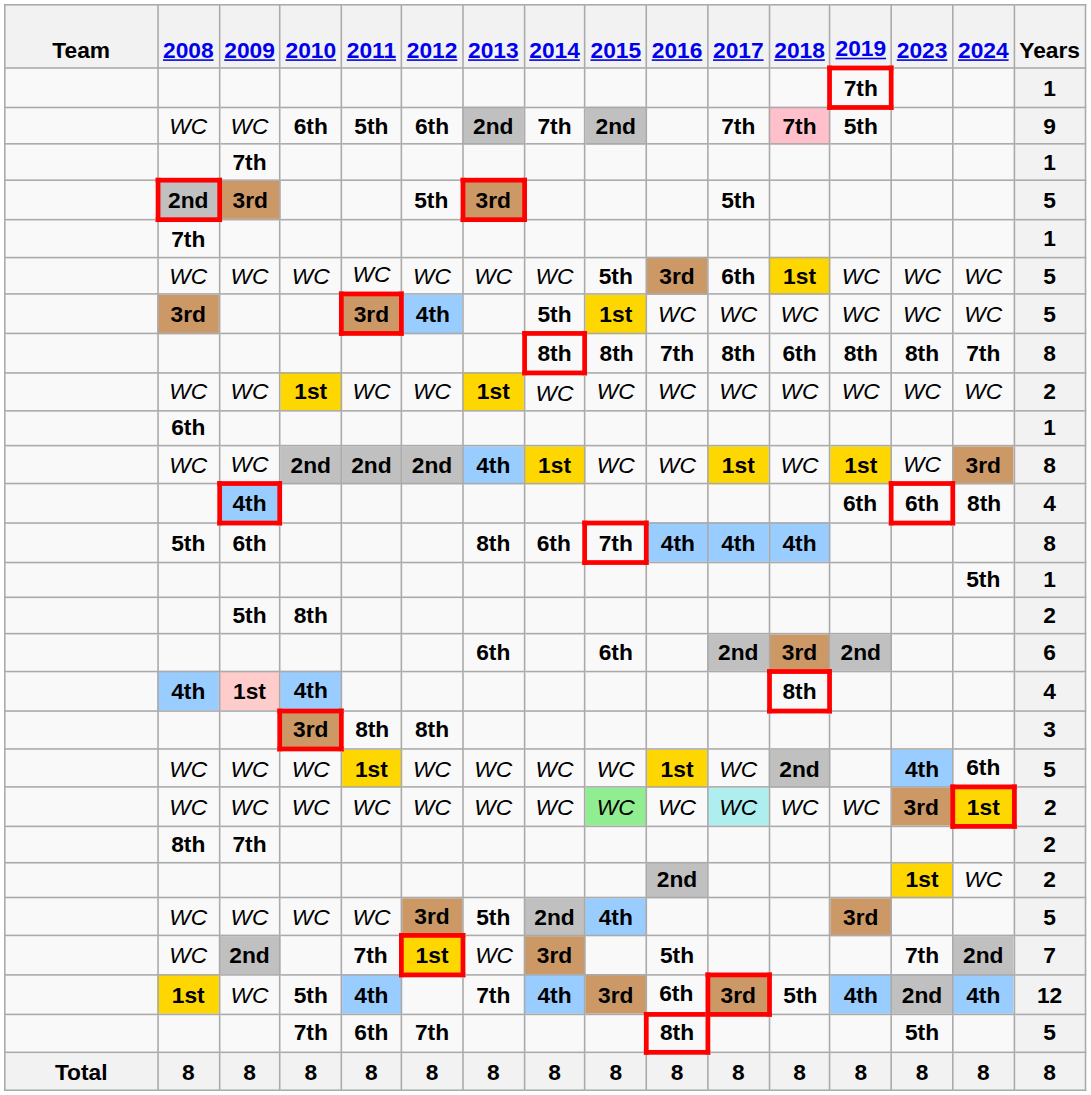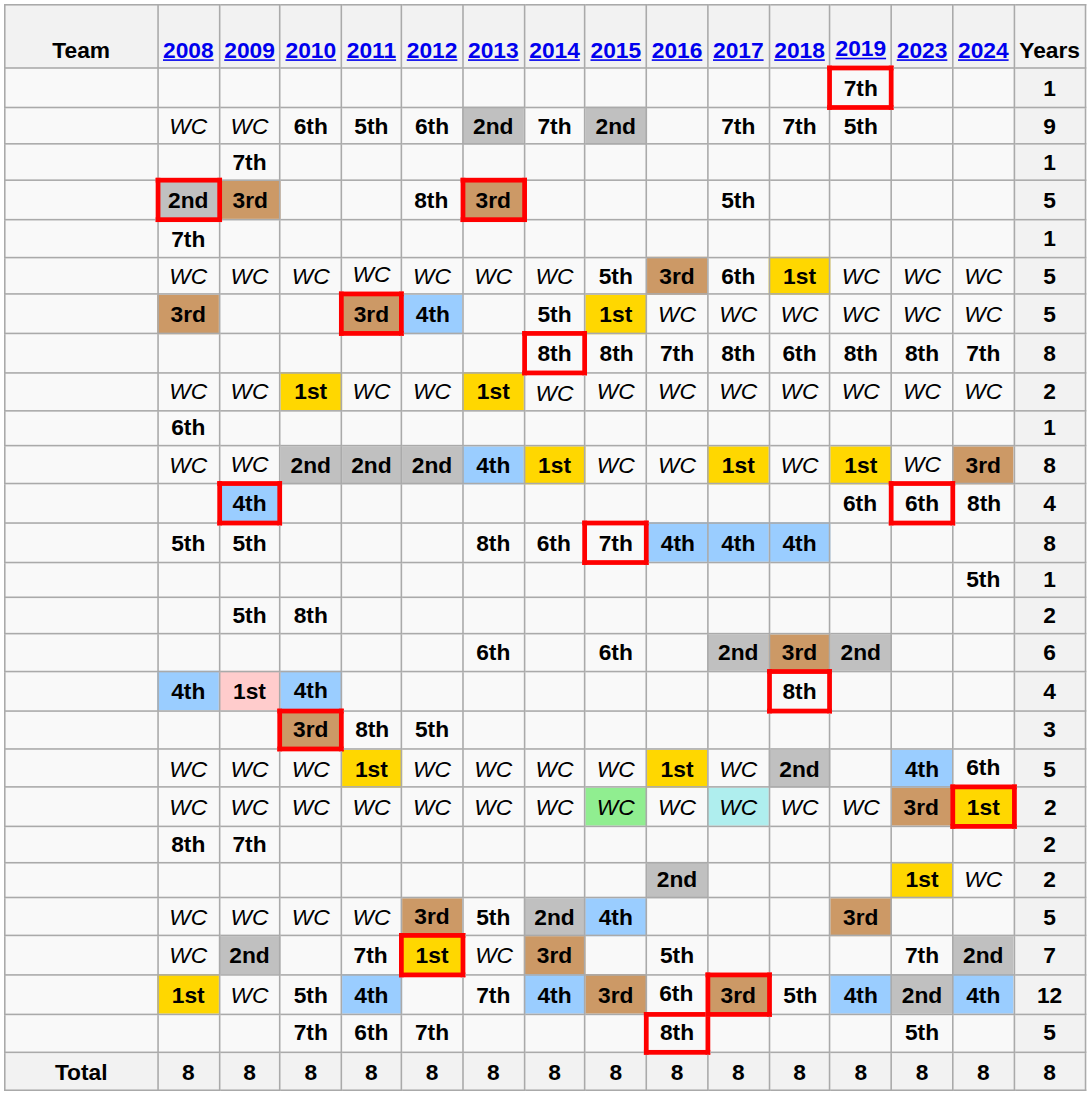 <table class="wikitable sortable" style="text-align:center; font-size:90%">
 <tr valign="bottom">
 <th width=90>Team</th>
 <th><br><a href='#'>2008</a></th>
 <th><br><a href='#'>2009</a></th>
 <th><br><a href='#'>2010</a></th>
 <th><br><a href='#'>2011</a></th>
 <th><br><a href='#'>2012</a></th>
 <th><br><a href='#'>2013</a></th>
 <th><br><a href='#'>2014</a></th>
 <th><br><a href='#'>2015</a></th>
 <th><br><a href='#'>2016</a></th>
 <th><br><a href='#'>2017</a></th>
 <th><br><a href='#'>2018</a></th>
 <th><br><a href='#'>2019</a></th>
 <th><br><a href='#'>2023</a></th>
 <th><br><a href='#'>2024</a></th>
 <th>Years</th>
 </tr>
 <tr>
 <td align=left></td>
 <td></td>
 <td></td>
 <td></td>
 <td></td>
 <td></td>
 <td></td>
 <td></td>
 <td></td>
 <td></td>
 <td></td>
 <td></td>
 <td style="border: 3px solid red"><strong>7th</strong></td>
 <td></td>
 <td></td>
 <th>1</th>
 </tr>
 <tr>
 <td align=left></td>
 <td><em>WC</em></td>
 <td><em>WC</em></td>
 <td><strong>6th</strong></td>
 <td><strong>5th</strong></td>
 <td><strong>6th</strong></td>
 <td bgcolor=silver><strong>2nd</strong></td>
 <td><strong>7th</strong></td>
 <td bgcolor=silver><strong>2nd</strong></td>
 <td></td>
 <td><strong>7th</strong></td>
-<td style="background: pink;"><strong>7th</strong></td>
+<td><strong>7th</strong></td>
 <td><strong>5th</strong></td>
 <td></td>
 <td></td>
 <th>9</th>
 </tr>
 <tr>
 <td align=left></td>
 <td></td>
 <td><strong>7th</strong></td>
 <td></td>
 <td></td>
 <td></td>
 <td></td>
 <td></td>
 <td></td>
 <td></td>
 <td></td>
 <td></td>
 <td></td>
 <td></td>
 <td></td>
 <th>1</th>
 </tr>
 <tr>
 <td align=left></td>
 <td bgcolor=silver style="border: 3px solid red"><strong>2nd</strong></td>
 <td bgcolor=#cc9966><strong>3rd</strong></td>
 <td></td>
 <td></td>
-<td><strong>5th</strong></td>
+<td><strong>8th</strong></td>
 <td bgcolor=#cc9966 style="border: 3px solid red"><strong>3rd</strong></td>
 <td></td>
 <td></td>
 <td></td>
 <td><strong>5th</strong></td>
 <td></td>
 <td></td>
 <td></td>
 <td></td>
 <th>5</th>
 </tr>
 <tr>
 <td align=left></td>
 <td><strong>7th</strong></td>
 <td></td>
 <td></td>
 <td></td>
 <td></td>
 <td></td>
 <td></td>
 <td></td>
 <td></td>
 <td></td>
 <td></td>
 <td></td>
 <td></td>
 <td></td>
 <th>1</th>
 </tr>
 <tr>
 <td align=left></td>
 <td><em>WC</em></td>
 <td><em>WC</em></td>
 <td><em>WC</em></td>
 <td><em>WC</em></td>
 <td><em>WC</em></td>
 <td><em>WC</em></td>
 <td><em>WC</em></td>
 <td><strong>5th</strong></td>
 <td bgcolor=#cc9966><strong>3rd</strong></td>
 <td><strong>6th</strong></td>
 <td bgcolor=gold><strong>1st</strong></td>
 <td><em>WC</em></td>
 <td><em>WC</em></td>
 <td><em>WC</em></td>
 <th>5</th>
 </tr>
 <tr>
 <td align=left></td>
 <td bgcolor=#cc9966><strong>3rd</strong></td>
 <td></td>
 <td></td>
 <td bgcolor=#cc9966 style="border: 3px solid red"><strong>3rd</strong></td>
 <td bgcolor=#9acdff><strong>4th</strong></td>
 <td></td>
 <td><strong>5th</strong></td>
 <td bgcolor=gold><strong>1st</strong></td>
 <td><em>WC</em></td>
 <td><em>WC</em></td>
 <td><em>WC</em></td>
 <td><em>WC</em></td>
 <td><em>WC</em></td>
 <td><em>WC</em></td>
 <th>5</th>
 </tr>
 <tr>
 <td align=left></td>
 <td></td>
 <td></td>
 <td></td>
 <td></td>
 <td></td>
 <td></td>
 <td style="border: 3px solid red"><strong>8th</strong></td>
 <td><strong>8th</strong></td>
 <td><strong>7th</strong></td>
 <td><strong>8th</strong></td>
 <td><strong>6th</strong></td>
 <td><strong>8th</strong></td>
 <td><strong>8th</strong></td>
 <td><strong>7th</strong></td>
 <th>8</th>
 </tr>
 <tr>
 <td align=left></td>
 <td><em>WC</em></td>
 <td><em>WC</em></td>
 <td bgcolor=gold><strong>1st</strong></td>
 <td><em>WC</em></td>
 <td><em>WC</em></td>
 <td bgcolor=gold><strong>1st</strong></td>
 <td><em>WC</em></td>
 <td><em>WC</em></td>
 <td><em>WC</em></td>
 <td><em>WC</em></td>
 <td><em>WC</em></td>
 <td><em>WC</em></td>
 <td><em>WC</em></td>
 <td><em>WC</em></td>
 <th>2</th>
 </tr>
 <tr>
 <td align=left></td>
 <td><strong>6th</strong></td>
 <td></td>
 <td></td>
 <td></td>
 <td></td>
 <td></td>
 <td></td>
 <td></td>
 <td></td>
 <td></td>
 <td></td>
 <td></td>
 <td></td>
 <td></td>
 <th>1</th>
 </tr>
 <tr>
 <td align=left></td>
 <td><em>WC</em></td>
 <td><em>WC</em></td>
 <td bgcolor=silver><strong>2nd</strong></td>
 <td bgcolor=silver><strong>2nd</strong></td>
 <td bgcolor=silver><strong>2nd</strong></td>
 <td bgcolor=#9acdff><strong>4th</strong></td>
 <td bgcolor=gold><strong>1st</strong></td>
 <td><em>WC</em></td>
 <td><em>WC</em></td>
 <td bgcolor=gold><strong>1st</strong></td>
 <td><em>WC</em></td>
 <td bgcolor=gold><strong>1st</strong></td>
 <td><em>WC</em></td>
 <td bgcolor=#cc9966><strong>3rd</strong></td>
 <th>8</th>
 </tr>
 <tr>
 <td align=left></td>
 <td></td>
 <td bgcolor=#9acdff style="border: 3px solid red"><strong>4th</strong></td>
 <td></td>
 <td></td>
 <td></td>
 <td></td>
 <td></td>
 <td></td>
 <td></td>
 <td></td>
 <td></td>
 <td><strong>6th</strong></td>
 <td style="border: 3px solid red"><strong>6th</strong></td>
 <td><strong>8th</strong></td>
 <th>4</th>
 </tr>
 <tr>
 <td align=left></td>
 <td><strong>5th</strong></td>
-<td><strong>6th</strong></td>
+<td><strong>5th</strong></td>
 <td></td>
 <td></td>
 <td></td>
 <td><strong>8th</strong></td>
 <td><strong>6th</strong></td>
 <td style="border: 3px solid red"><strong>7th</strong></td>
 <td bgcolor=#9acdff><strong>4th</strong></td>
 <td bgcolor=#9acdff><strong>4th</strong></td>
 <td bgcolor=#9acdff><strong>4th</strong></td>
 <td></td>
 <td></td>
 <td></td>
 <th>8</th>
 </tr>
 <tr>
 <td align=left></td>
 <td></td>
 <td></td>
 <td></td>
 <td></td>
 <td></td>
 <td></td>
 <td></td>
 <td></td>
 <td></td>
 <td></td>
 <td></td>
 <td></td>
 <td></td>
 <td><strong>5th</strong></td>
 <th>1</th>
 </tr>
 <tr>
 <td align=left></td>
 <td></td>
 <td><strong>5th</strong></td>
 <td><strong>8th</strong></td>
 <td></td>
 <td></td>
 <td></td>
 <td></td>
 <td></td>
 <td></td>
 <td></td>
 <td></td>
 <td></td>
 <td></td>
 <td></td>
 <th>2</th>
 </tr>
 <tr>
 <td align=left></td>
 <td></td>
 <td></td>
 <td></td>
 <td></td>
 <td></td>
 <td><strong>6th</strong></td>
 <td></td>
 <td><strong>6th</strong></td>
 <td></td>
 <td bgcolor=silver><strong>2nd</strong></td>
 <td bgcolor=#cc9966><strong>3rd</strong></td>
 <td bgcolor=silver><strong>2nd</strong></td>
 <td></td>
 <td></td>
 <th>6</th>
 </tr>
 <tr>
 <td align=left></td>
 <td bgcolor=#9acdff><strong>4th</strong></td>
 <td bgcolor=#ffcccc><strong>1st</strong></td>
 <td bgcolor=#9acdff><strong>4th</strong></td>
 <td></td>
 <td></td>
 <td></td>
 <td></td>
 <td></td>
 <td></td>
 <td></td>
 <td style="border: 3px solid red"><strong>8th</strong></td>
 <td></td>
 <td></td>
 <td></td>
 <th>4</th>
 </tr>
 <tr>
 <td align=left></td>
 <td></td>
 <td></td>
 <td bgcolor=#cc9966 style="border: 3px solid red"><strong>3rd</strong></td>
 <td><strong>8th</strong></td>
-<td><strong>8th</strong></td>
+<td><strong>5th</strong></td>
 <td></td>
 <td></td>
 <td></td>
 <td></td>
 <td></td>
 <td></td>
 <td></td>
 <td></td>
 <td></td>
 <th>3</th>
 </tr>
 <tr>
 <td align=left></td>
 <td><em>WC</em></td>
 <td><em>WC</em></td>
 <td><em>WC</em></td>
 <td bgcolor=gold><strong>1st</strong></td>
 <td><em>WC</em></td>
 <td><em>WC</em></td>
 <td><em>WC</em></td>
 <td><em>WC</em></td>
 <td bgcolor=gold><strong>1st</strong></td>
 <td><em>WC</em></td>
 <td bgcolor=silver><strong>2nd</strong></td>
 <td></td>
 <td bgcolor=#9acdff><strong>4th</strong></td>
 <td><strong>6th</strong></td>
 <th>5</th>
 </tr>
 <tr>
 <td align=left></td>
 <td><em>WC</em></td>
 <td><em>WC</em></td>
 <td><em>WC</em></td>
 <td><em>WC</em></td>
 <td><em>WC</em></td>
 <td><em>WC</em></td>
 <td><em>WC</em></td>
 <td style="background: lightgreen;"><em>WC</em></td>
 <td><em>WC</em></td>
 <td style="background: paleturquoise;"><em>WC</em></td>
 <td><em>WC</em></td>
 <td><em>WC</em></td>
 <td bgcolor=#cc9966><strong>3rd</strong></td>
 <td bgcolor=gold style="border: 3px solid red"><strong>1st</strong></td>
 <th>2</th>
 </tr>
 <tr>
 <td align=left></td>
 <td><strong>8th</strong></td>
 <td><strong>7th</strong></td>
 <td></td>
 <td></td>
 <td></td>
 <td></td>
 <td></td>
 <td></td>
 <td></td>
 <td></td>
 <td></td>
 <td></td>
 <td></td>
 <td></td>
 <th>2</th>
 </tr>
 <tr>
 <td align=left></td>
 <td></td>
 <td></td>
 <td></td>
 <td></td>
 <td></td>
 <td></td>
 <td></td>
 <td></td>
 <td bgcolor=silver><strong>2nd</strong></td>
 <td></td>
 <td></td>
 <td></td>
 <td bgcolor=gold><strong>1st</strong></td>
 <td><em>WC</em></td>
 <th>2</th>
 </tr>
 <tr>
 <td align=left></td>
 <td><em>WC</em></td>
 <td><em>WC</em></td>
 <td><em>WC</em></td>
 <td><em>WC</em></td>
 <td bgcolor=#cc9966><strong>3rd</strong></td>
 <td><strong>5th</strong></td>
 <td bgcolor=silver><strong>2nd</strong></td>
 <td bgcolor=#9acdff><strong>4th</strong></td>
 <td></td>
 <td></td>
 <td></td>
 <td bgcolor=#cc9966><strong>3rd</strong></td>
 <td></td>
 <td></td>
 <th>5</th>
 </tr>
 <tr>
 <td align=left></td>
 <td><em>WC</em></td>
 <td bgcolor=silver><strong>2nd</strong></td>
 <td></td>
 <td><strong>7th</strong></td>
 <td bgcolor=gold style="border: 3px solid red"><strong>1st</strong></td>
 <td><em>WC</em></td>
 <td bgcolor=#cc9966><strong>3rd</strong></td>
 <td></td>
 <td><strong>5th</strong></td>
 <td></td>
 <td></td>
 <td></td>
 <td><strong>7th</strong></td>
 <td bgcolor=silver><strong>2nd</strong></td>
 <th>7</th>
 </tr>
 <tr>
 <td align=left></td>
 <td bgcolor=gold><strong>1st</strong></td>
 <td><em>WC</em></td>
 <td><strong>5th</strong></td>
 <td bgcolor=#9acdff><strong>4th</strong></td>
 <td></td>
 <td><strong>7th</strong></td>
 <td bgcolor=#9acdff><strong>4th</strong></td>
 <td bgcolor=#cc9966><strong>3rd</strong></td>
 <td><strong>6th</strong></td>
 <td style="border: 3px solid red" bgcolor=#cc9966><strong>3rd</strong></td>
 <td><strong>5th</strong></td>
 <td bgcolor=#9acdff><strong>4th</strong></td>
 <td bgcolor=silver><strong>2nd</strong></td>
 <td bgcolor=#9acdff><strong>4th</strong></td>
 <th>12</th>
 </tr>
 <tr>
 <td align=left></td>
 <td></td>
 <td></td>
 <td><strong>7th</strong></td>
 <td><strong>6th</strong></td>
 <td><strong>7th</strong></td>
 <td></td>
 <td></td>
 <td></td>
 <td style="border: 3px solid red"><strong>8th</strong></td>
 <td></td>
 <td></td>
 <td></td>
 <td><strong>5th</strong></td>
 <td></td>
 <th>5</th>
 </tr>
 <tr>
 <th>Total</th>
 <th>8</th>
 <th>8</th>
 <th>8</th>
 <th>8</th>
 <th>8</th>
 <th>8</th>
 <th>8</th>
 <th>8</th>
 <th>8</th>
 <th>8</th>
 <th>8</th>
 <th>8</th>
 <th>8</th>
 <th>8</th>
 <th>8</th>
 </tr>
 </table>
